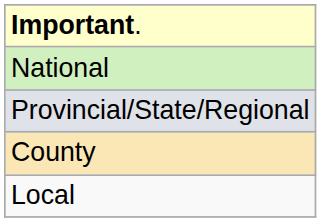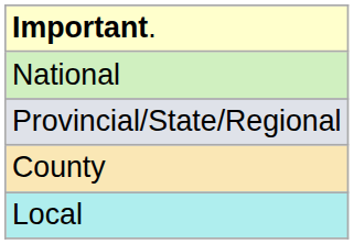 <table class="wikitable">
 <tr style="background:#ffc;">
 <td><strong>Important</strong>.</td>
 </tr>
 <tr style="background:#d0f0c0">
 <td>National</td>
 </tr>
 <tr style="background:#dfe2e9">
 <td>Provincial/State/Regional</td>
 </tr>
 <tr style="background:#fae7b5">
 <td>County</td>
 </tr>
 <tr>
-<td>Local</td>
+<td style="background: paleturquoise;">Local</td>
 </tr>
 </table>
